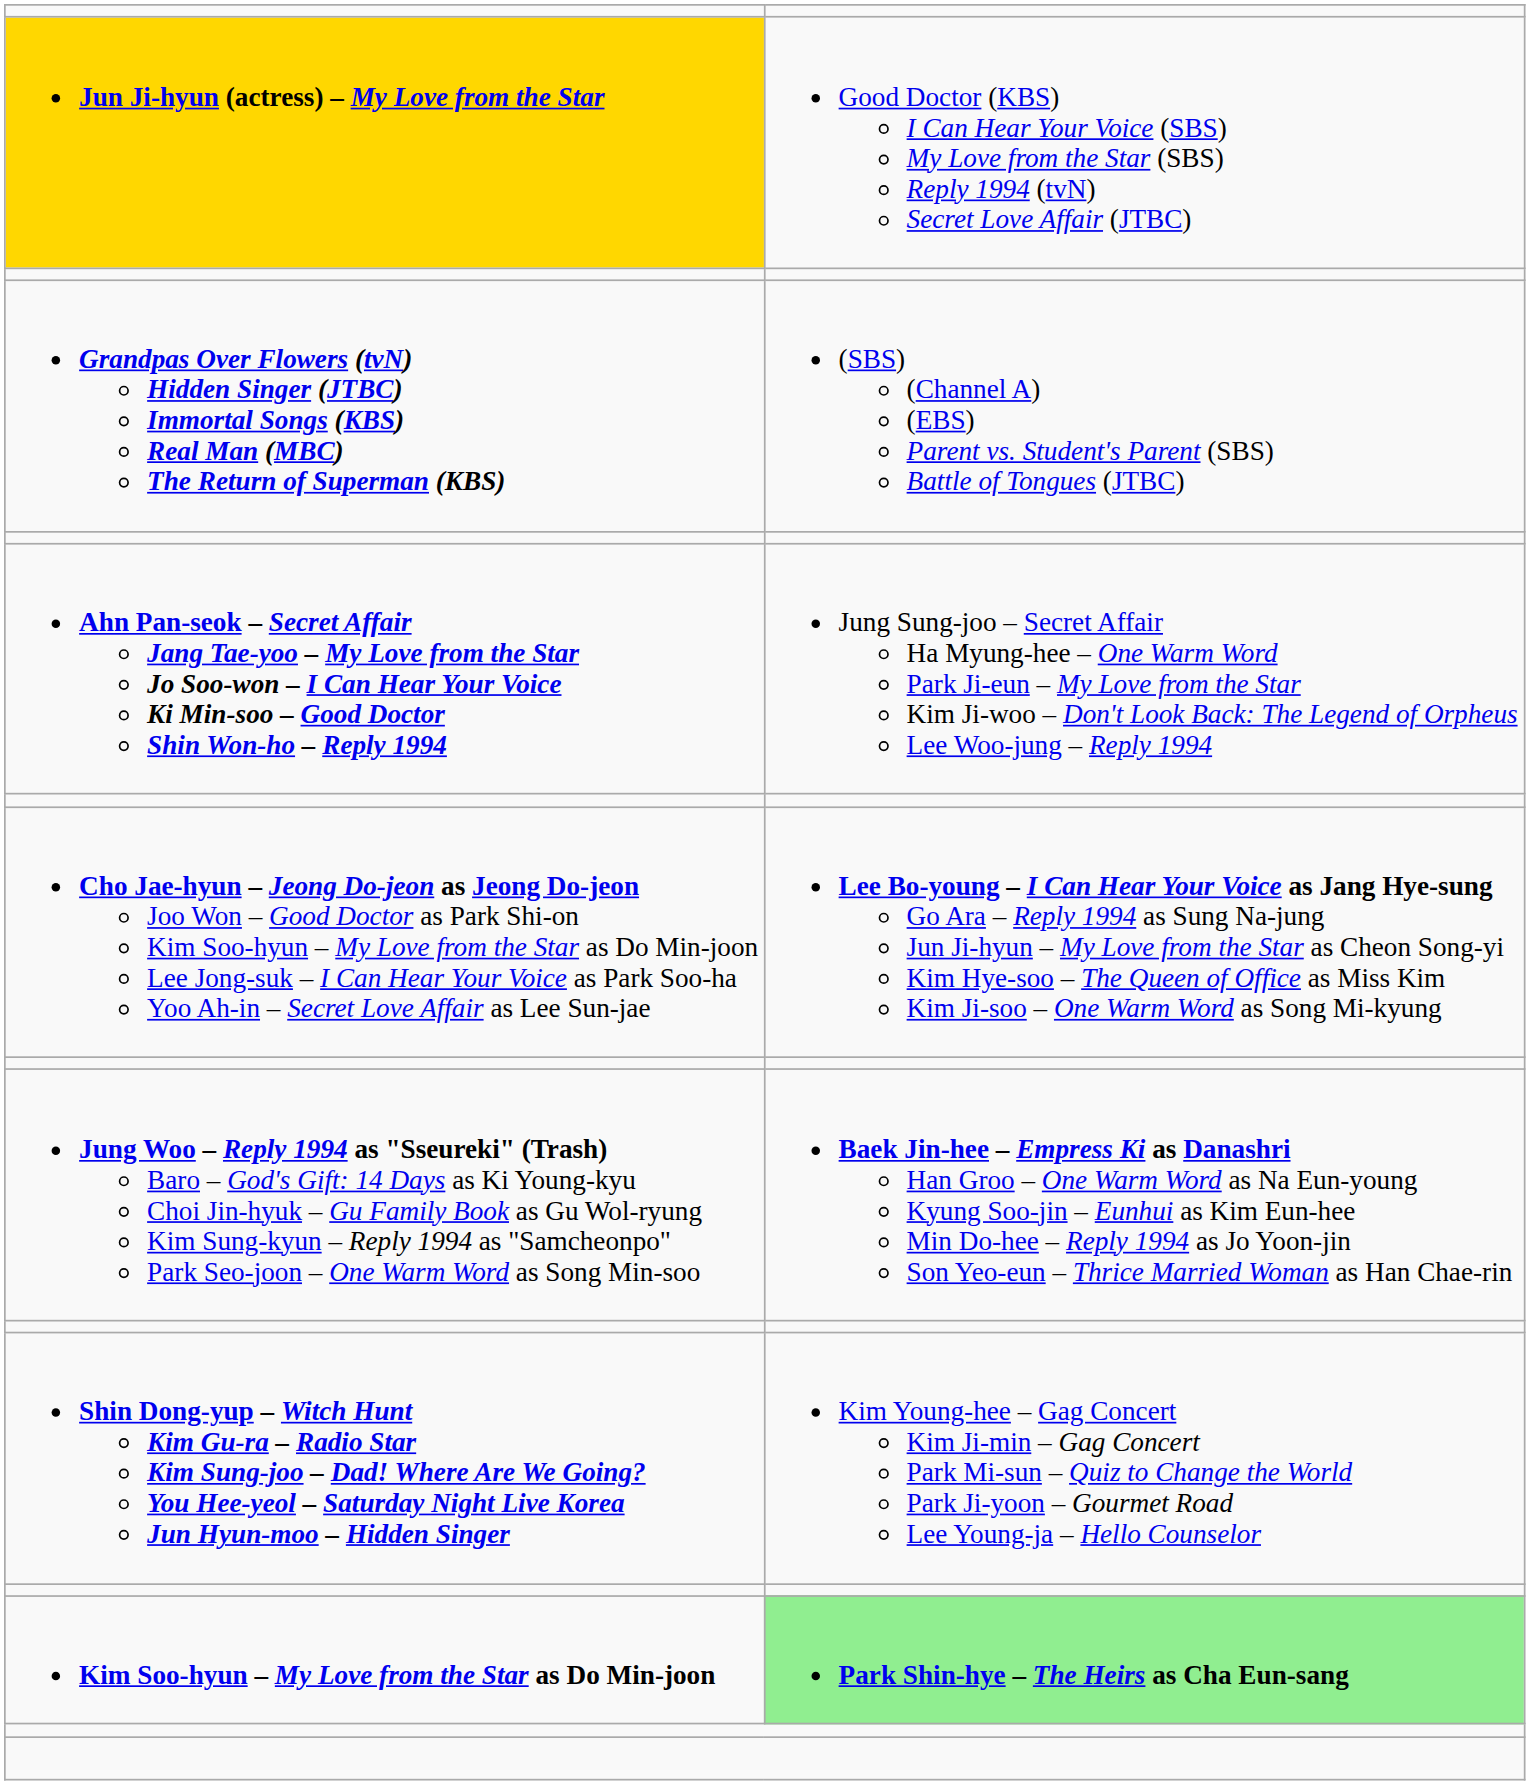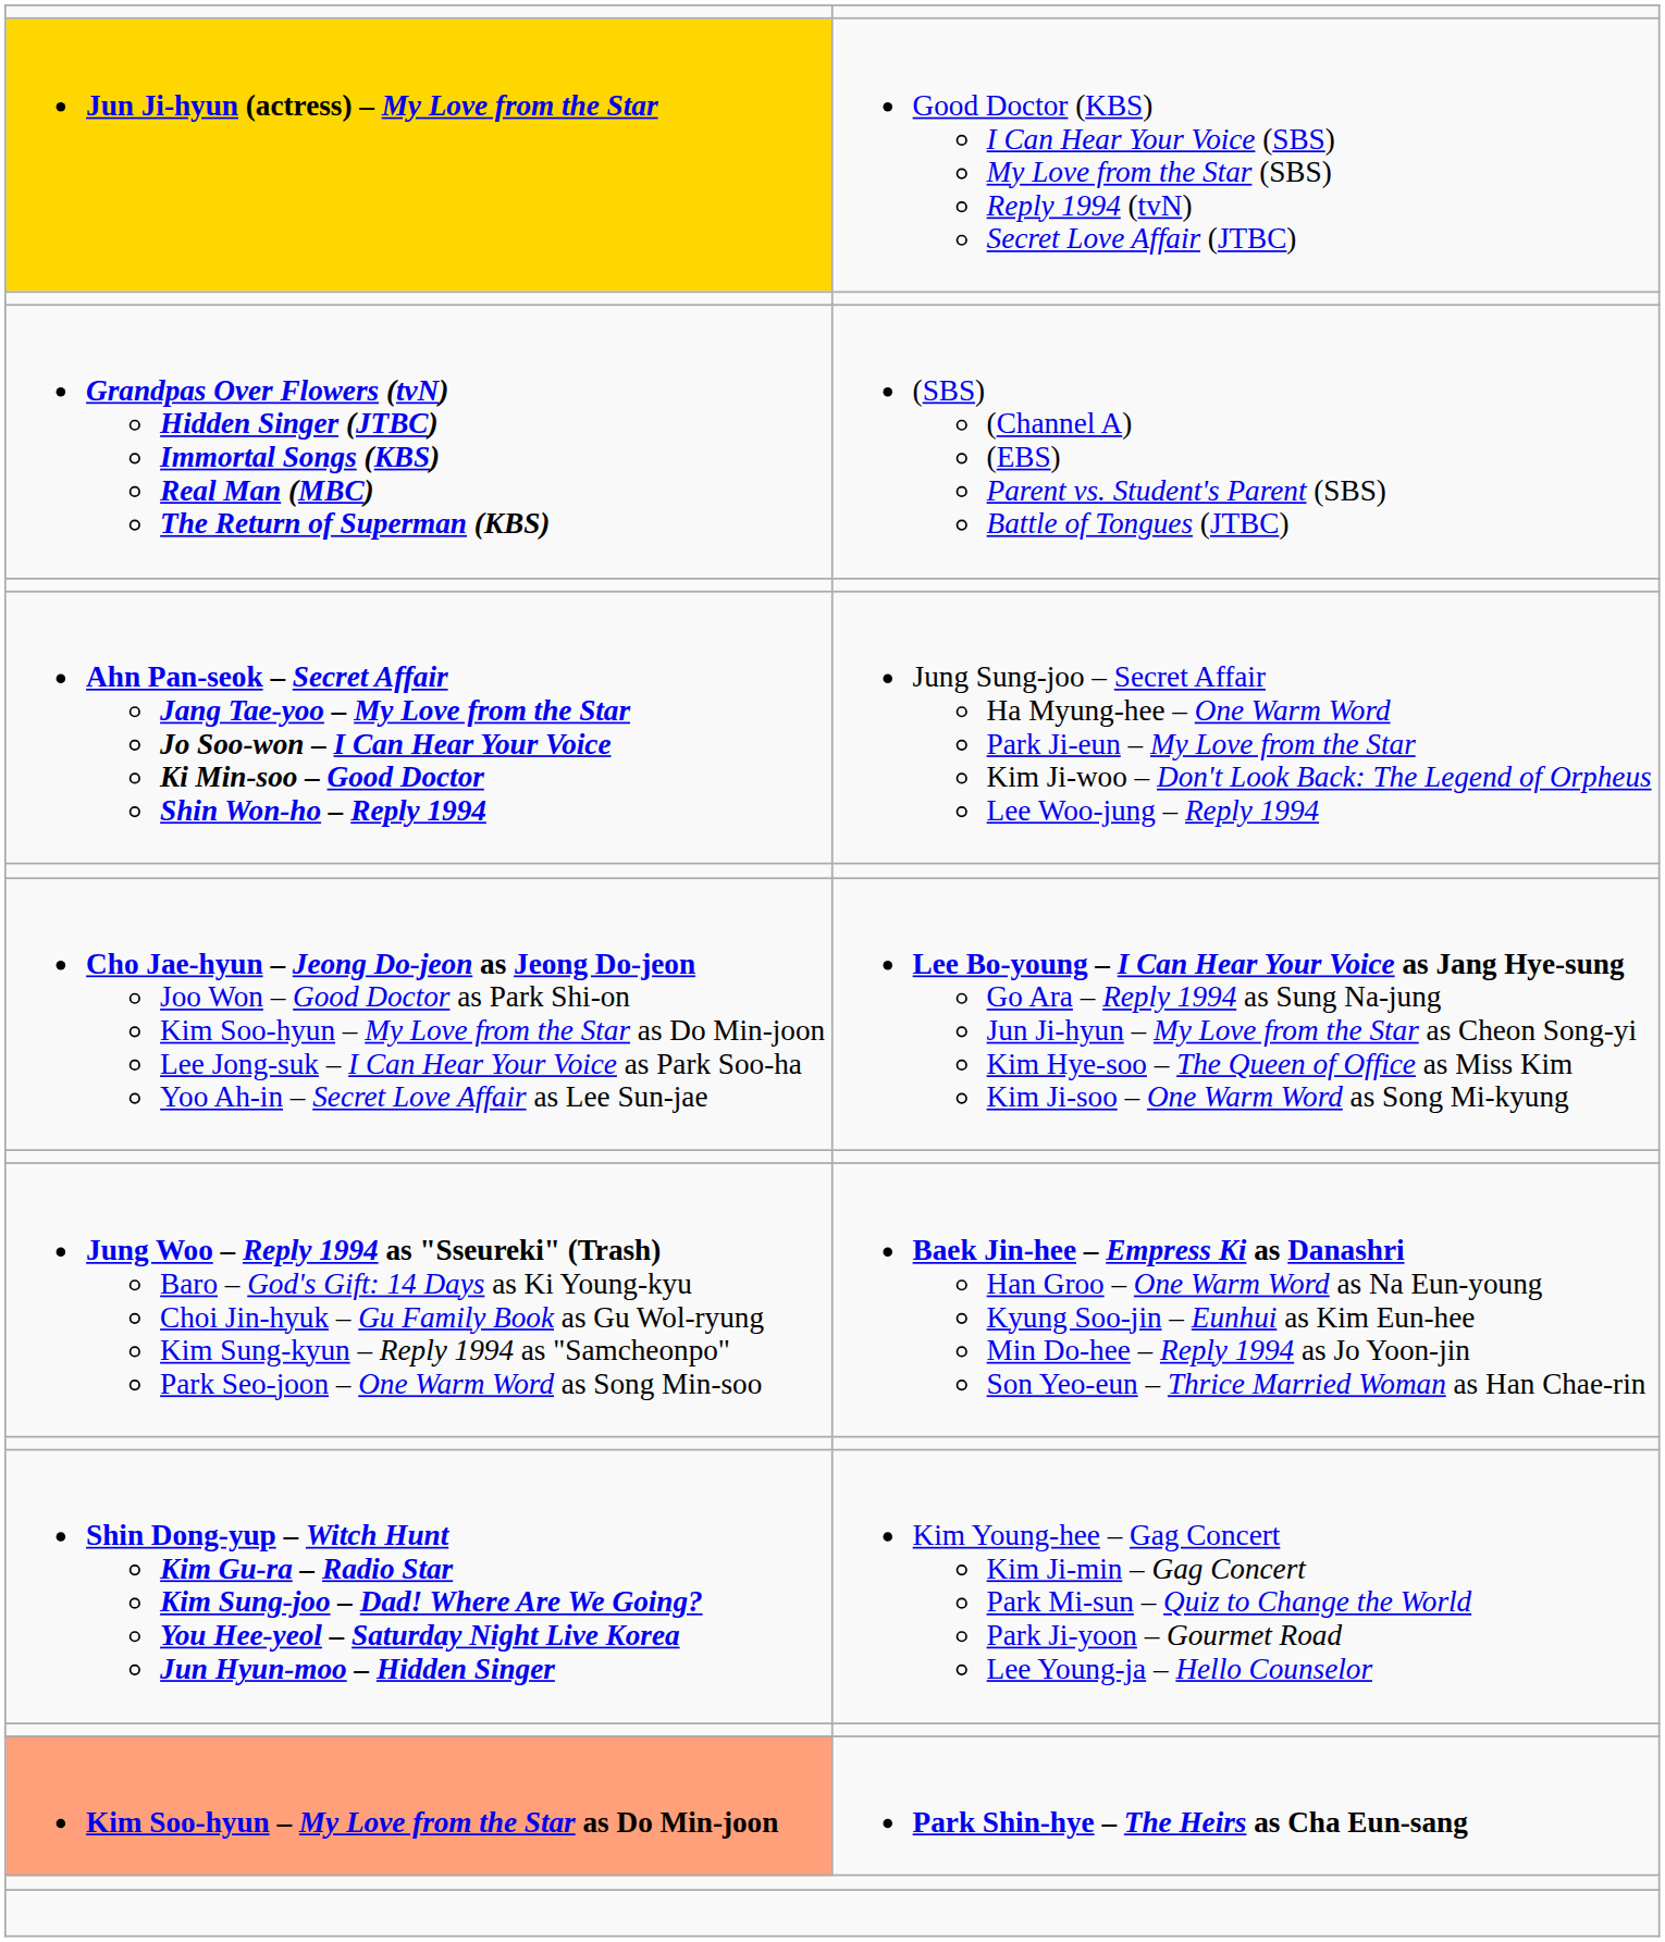 <table class="wikitable" align="center">
 <tr>
 <td style="vertical-align:top; width:50%;"></td>
 <td style="vertical-align:top; width:50%;"></td>
 </tr>
 <tr>
 <td valign="top" style="background: gold;"><br><ul><li><strong><a href='#'>Jun Ji-hyun</a> (actress) – <em><a href='#'>My Love from the Star</a><strong><em></li></ul></td>
 <td valign="top"><br><ul><li></em></strong><a href='#'>Good Doctor</a></em> (<a href='#'>KBS</a>)</strong><ul><li><em><a href='#'>I Can Hear Your Voice</a></em> (<a href='#'>SBS</a>)</li><li><em><a href='#'>My Love from the Star</a></em> (SBS)</li><li><em><a href='#'>Reply 1994</a></em> (<a href='#'>tvN</a>)</li><li><em><a href='#'>Secret Love Affair</a></em> (<a href='#'>JTBC</a>)</li></ul></li></ul></td>
 </tr>
 <tr>
 <td style="vertical-align:top; width:50%;"></td>
 <td style="vertical-align:top; width:50%;"></td>
 </tr>
 <tr>
 <td valign="top"><br><ul><li><strong><em><a href='#'>Grandpas Over Flowers</a><em> (<a href='#'>tvN</a>)<strong><ul><li></em><a href='#'>Hidden Singer</a><em> (<a href='#'>JTBC</a>)</li><li></em><a href='#'>Immortal Songs</a><em> (<a href='#'>KBS</a>)</li><li></em><a href='#'>Real Man</a><em> (<a href='#'>MBC</a>)</li><li></em><a href='#'>The Return of Superman</a><em> (KBS)</li></ul></li></ul></td>
 <td valign="top"><br><ul><li></em></strong></em> (<a href='#'>SBS</a>)</strong><ul><li><em></em> (<a href='#'>Channel A</a>)</li><li><em></em> (<a href='#'>EBS</a>)</li><li><em><a href='#'>Parent vs. Student's Parent</a></em> (SBS)</li><li><em><a href='#'>Battle of Tongues</a></em> (<a href='#'>JTBC</a>)</li></ul></li></ul></td>
 </tr>
 <tr>
 <td style="vertical-align:top; width:50%;"></td>
 <td style="vertical-align:top; width:50%;"></td>
 </tr>
 <tr>
 <td valign="top"><br><ul><li><strong><a href='#'>Ahn Pan-seok</a> – <em><a href='#'>Secret Affair</a><strong><em><ul><li><a href='#'>Jang Tae-yoo</a> – </em><a href='#'>My Love from the Star</a><em></li><li>Jo Soo-won – </em><a href='#'>I Can Hear Your Voice</a><em></li><li>Ki Min-soo – </em><a href='#'>Good Doctor</a><em></li><li><a href='#'>Shin Won-ho</a> – </em><a href='#'>Reply 1994</a><em></li></ul></li></ul></td>
 <td valign="top"><br><ul><li></strong>Jung Sung-joo – </em><a href='#'>Secret Affair</a></em></strong><ul><li>Ha Myung-hee – <em><a href='#'>One Warm Word</a></em></li><li><a href='#'>Park Ji-eun</a> – <em><a href='#'>My Love from the Star</a></em></li><li>Kim Ji-woo – <em><a href='#'>Don't Look Back: The Legend of Orpheus</a></em></li><li><a href='#'>Lee Woo-jung</a> – <em><a href='#'>Reply 1994</a></em></li></ul></li></ul></td>
 </tr>
 <tr>
 <td style="vertical-align:top; width:50%;"></td>
 <td style="vertical-align:top; width:50%;"></td>
 </tr>
 <tr>
 <td valign="top"><br><ul><li><strong><a href='#'>Cho Jae-hyun</a> – <em><a href='#'>Jeong Do-jeon</a></em> as <a href='#'>Jeong Do-jeon</a></strong><ul><li><a href='#'>Joo Won</a> – <em><a href='#'>Good Doctor</a></em> as Park Shi-on</li><li><a href='#'>Kim Soo-hyun</a> – <em><a href='#'>My Love from the Star</a></em> as Do Min-joon</li><li><a href='#'>Lee Jong-suk</a> – <em><a href='#'>I Can Hear Your Voice</a></em> as Park Soo-ha</li><li><a href='#'>Yoo Ah-in</a> – <em><a href='#'>Secret Love Affair</a></em> as Lee Sun-jae</li></ul></li></ul></td>
 <td valign="top"><br><ul><li><strong><a href='#'>Lee Bo-young</a> – <em><a href='#'>I Can Hear Your Voice</a></em> as Jang Hye-sung</strong><ul><li><a href='#'>Go Ara</a> – <em><a href='#'>Reply 1994</a></em> as Sung Na-jung</li><li><a href='#'>Jun Ji-hyun</a> – <em><a href='#'>My Love from the Star</a></em> as Cheon Song-yi</li><li><a href='#'>Kim Hye-soo</a> – <em><a href='#'>The Queen of Office</a></em> as Miss Kim</li><li><a href='#'>Kim Ji-soo</a> – <em><a href='#'>One Warm Word</a></em> as Song Mi-kyung</li></ul></li></ul></td>
 </tr>
 <tr>
 <td style="vertical-align:top; width:50%;"></td>
 <td style="vertical-align:top; width:50%;"></td>
 </tr>
 <tr>
 <td valign="top"><br><ul><li><strong><a href='#'>Jung Woo</a> – <em><a href='#'>Reply 1994</a></em> as "Sseureki" (Trash)</strong><ul><li><a href='#'>Baro</a> – <em><a href='#'>God's Gift: 14 Days</a></em> as Ki Young-kyu</li><li><a href='#'>Choi Jin-hyuk</a> – <em><a href='#'>Gu Family Book</a></em> as Gu Wol-ryung</li><li><a href='#'>Kim Sung-kyun</a> – <em>Reply 1994</em> as "Samcheonpo"</li><li><a href='#'>Park Seo-joon</a> – <em><a href='#'>One Warm Word</a></em> as Song Min-soo</li></ul></li></ul></td>
 <td valign="top"><br><ul><li><strong><a href='#'>Baek Jin-hee</a> – <em><a href='#'>Empress Ki</a></em> as <a href='#'>Danashri</a></strong><ul><li><a href='#'>Han Groo</a> – <em><a href='#'>One Warm Word</a></em> as Na Eun-young</li><li><a href='#'>Kyung Soo-jin</a> – <em><a href='#'>Eunhui</a></em> as Kim Eun-hee</li><li><a href='#'>Min Do-hee</a> – <em><a href='#'>Reply 1994</a></em> as Jo Yoon-jin</li><li><a href='#'>Son Yeo-eun</a> – <em><a href='#'>Thrice Married Woman</a></em> as Han Chae-rin</li></ul></li></ul></td>
 </tr>
 <tr>
 <td style="vertical-align:top; width:50%;"></td>
 <td style="vertical-align:top; width:50%;"></td>
 </tr>
 <tr>
 <td valign="top"><br><ul><li><strong><a href='#'>Shin Dong-yup</a> – <em><a href='#'>Witch Hunt</a><strong><em><ul><li><a href='#'>Kim Gu-ra</a> – </em><a href='#'>Radio Star</a><em></li><li><a href='#'>Kim Sung-joo</a> – </em><a href='#'>Dad! Where Are We Going?</a><em></li><li><a href='#'>You Hee-yeol</a> – </em><a href='#'>Saturday Night Live Korea</a><em></li><li><a href='#'>Jun Hyun-moo</a> – </em><a href='#'>Hidden Singer</a><em></li></ul></li></ul></td>
 <td valign="top"><br><ul><li></strong><a href='#'>Kim Young-hee</a> – </em><a href='#'>Gag Concert</a></em></strong><ul><li><a href='#'>Kim Ji-min</a> – <em>Gag Concert</em></li><li><a href='#'>Park Mi-sun</a> – <em><a href='#'>Quiz to Change the World</a></em></li><li><a href='#'>Park Ji-yoon</a> – <em>Gourmet Road</em></li><li><a href='#'>Lee Young-ja</a> – <em><a href='#'>Hello Counselor</a></em></li></ul></li></ul></td>
 </tr>
 <tr>
 <td style="vertical-align:top; width:50%;"></td>
 <td style="vertical-align:top; width:50%;"></td>
 </tr>
 <tr>
-<td valign="top"><br><ul><li><strong><a href='#'>Kim Soo-hyun</a> – <em><a href='#'>My Love from the Star</a></em> as Do Min-joon</strong></li></ul></td>
-<td valign="top" style="background: lightgreen;"><br><ul><li><strong><a href='#'>Park Shin-hye</a> – <em><a href='#'>The Heirs</a></em> as Cha Eun-sang</strong></li></ul></td>
+<td valign="top" style="background: lightsalmon;"><br><ul><li><strong><a href='#'>Kim Soo-hyun</a> – <em><a href='#'>My Love from the Star</a></em> as Do Min-joon</strong></li></ul></td>
+<td valign="top"><br><ul><li><strong><a href='#'>Park Shin-hye</a> – <em><a href='#'>The Heirs</a></em> as Cha Eun-sang</strong></li></ul></td>
 </tr>
 <tr>
 <td colspan="2" style="vertical-align:top; width:100%;"></td>
 </tr>
 <tr>
 <td colspan="2" valign="top"><br></td>
 </tr>
 </table>
